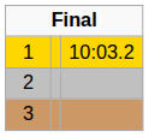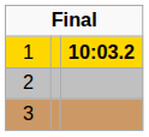 <table class=wikitable style="text-align:center">
 <tr>
 <td colspan=3><strong>Final</strong></td>
 </tr>
 <tr bgcolor=gold>
 <td width=30>1</td>
 <td align=left></td>
-<td width=60>10:03.2</td>
+<td width=60><strong>10:03.2</strong></td>
 </tr>
 <tr bgcolor=silver>
 <td>2</td>
 <td align=left></td>
 <td></td>
 </tr>
 <tr bgcolor=cc9966>
 <td>3</td>
 <td align=left></td>
 <td></td>
 </tr>
 </table>
